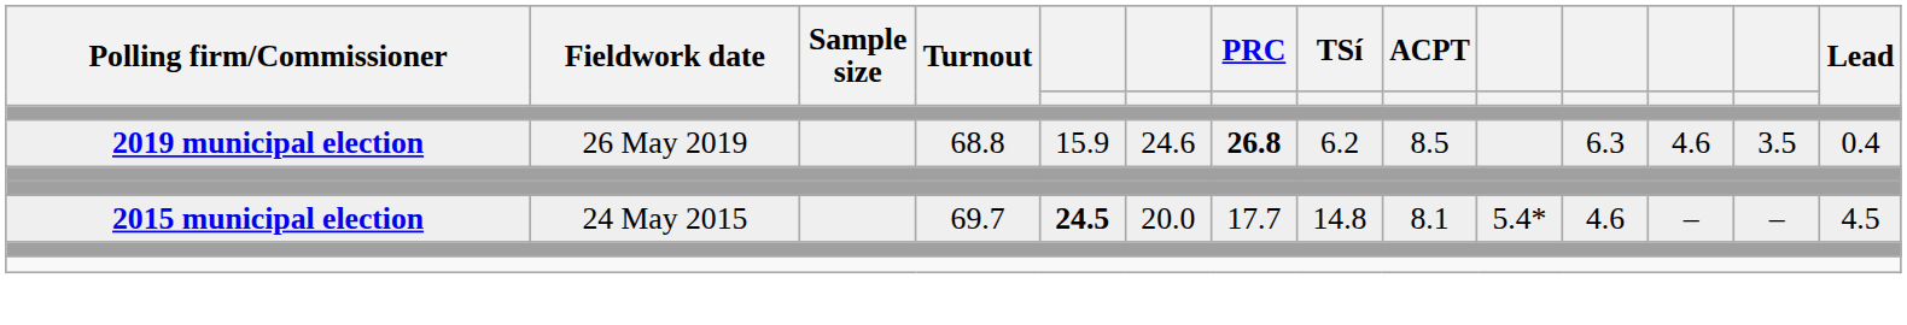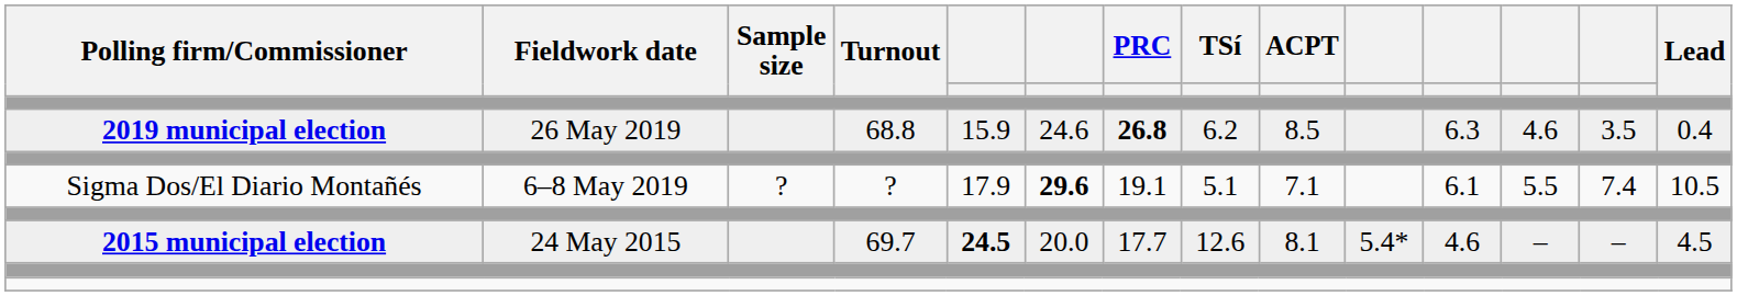 <table class="wikitable collapsible collapsed" style="text-align:center; font-size:95%; line-height:16px;">
 <tr style="height:42px;">
 <th style="width:250px;" rowspan="2">Polling firm/Commissioner</th>
 <th style="width:125px;" rowspan="2">Fieldwork date</th>
 <th style="width:50px;" rowspan="2">Sample size</th>
 <th style="width:45px;" rowspan="2">Turnout</th>
 <th style="width:35px;"></th>
 <th style="width:35px;"></th>
 <th style="width:35px;"><a href='#'>PRC</a></th>
 <th style="width:35px;">TSí</th>
 <th style="width:35px; font-size:95%;">ACPT</th>
 <th style="width:35px;"></th>
 <th style="width:35px;"></th>
 <th style="width:35px;"></th>
 <th style="width:35px;"></th>
 <th style="width:30px;" rowspan="2">Lead</th>
 </tr>
 <tr>
 <th style="color:inherit;background:"></th>
 <th style="color:inherit;background:"></th>
 <th style="color:inherit;background:"></th>
 <th style="color:inherit;background:"></th>
 <th style="color:inherit;background:"></th>
 <th style="color:inherit;background:"></th>
 <th style="color:inherit;background:"></th>
 <th style="color:inherit;background:"></th>
 <th style="color:inherit;background:"></th>
 </tr>
 <tr>
 <td colspan="14" style="background:#A0A0A0"></td>
 </tr>
 <tr style="background:#EFEFEF;">
 <td><strong><a href='#'>2019 municipal election</a></strong></td>
 <td>26 May 2019</td>
 <td></td>
 <td>68.8</td>
 <td>15.9<br></td>
 <td>24.6<br></td>
 <td><strong>26.8</strong><br></td>
 <td>6.2<br></td>
 <td>8.5<br></td>
 <td></td>
 <td>6.3<br></td>
 <td>4.6<br></td>
 <td>3.5<br></td>
 <td style="background:">0.4</td>
 </tr>
 <tr>
 <td colspan="14" style="background:#A0A0A0"></td>
 </tr>
 <tr>
+<td>Sigma Dos/El Diario Montañés</td>
+<td>6–8 May 2019</td>
+<td>?</td>
+<td>?</td>
+<td>17.9<br></td>
+<td><strong>29.6</strong><br></td>
+<td>19.1<br></td>
+<td>5.1<br></td>
+<td>7.1<br></td>
+<td></td>
+<td>6.1<br></td>
+<td>5.5<br></td>
+<td>7.4<br></td>
+<td style="background:">10.5</td>
+</tr>
+<tr>
 <td colspan="14" style="background:#A0A0A0"></td>
 </tr>
 <tr style="background:#EFEFEF;">
 <td><strong><a href='#'>2015 municipal election</a></strong></td>
 <td>24 May 2015</td>
 <td></td>
 <td>69.7</td>
 <td><strong>24.5</strong><br></td>
 <td>20.0<br></td>
 <td>17.7<br></td>
-<td>14.8<br></td>
+<td>12.6<br></td>
 <td>8.1<br></td>
 <td>5.4*<br></td>
 <td>4.6<br></td>
 <td>–</td>
 <td>–</td>
 <td style="background:">4.5</td>
 </tr>
 <tr>
 <td colspan="14" style="background:#A0A0A0"></td>
 </tr>
 <tr>
 <td align="left" colspan="14"></td>
 </tr>
 </table>
